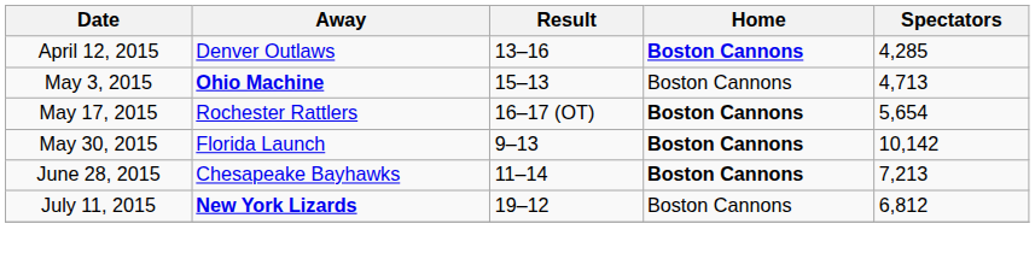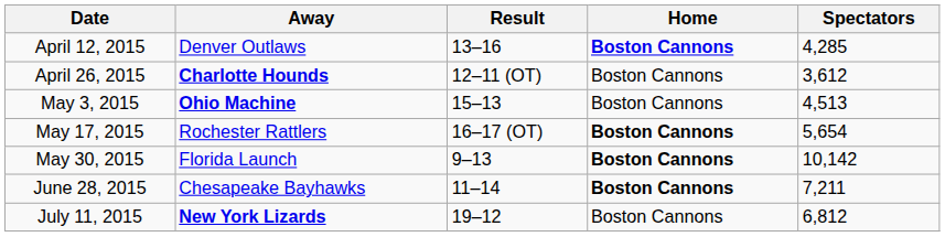 <table class="wikitable" style="text-align:left; width:95%;" style="text-align:center">
 <tr>
 <th style="text-align:center; ">Date</th>
 <th style="text-align:center; ">Away</th>
 <th style="text-align:center; ">Result</th>
 <th style="text-align:center; ">Home</th>
 <th style="text-align:center; ">Spectators</th>
 </tr>
 <tr>
 <td style="text-align:center;">April 12, 2015</td>
 <td> <a href='#'>Denver Outlaws</a></td>
 <td>13–16</td>
 <td> <strong><a href='#'>Boston Cannons</a></strong></td>
 <td>4,285</td>
 </tr>
 <tr>
+<td style="text-align:center;">April 26, 2015</td>
+<td> <strong><a href='#'>Charlotte Hounds</a></strong></td>
+<td>12–11 (OT)</td>
+<td> Boston Cannons</td>
+<td>3,612</td>
+</tr>
+<tr>
 <td style="text-align:center;">May 3, 2015</td>
 <td> <strong><a href='#'>Ohio Machine</a></strong></td>
 <td>15–13</td>
 <td> Boston Cannons</td>
-<td>4,713</td>
+<td>4,513</td>
 </tr>
 <tr>
 <td style="text-align:center;">May 17, 2015</td>
 <td> <a href='#'>Rochester Rattlers</a></td>
 <td>16–17 (OT)</td>
 <td> <strong>Boston Cannons</strong></td>
 <td>5,654</td>
 </tr>
 <tr>
 <td style="text-align:center;">May 30, 2015</td>
 <td> <a href='#'>Florida Launch</a></td>
 <td>9–13</td>
 <td> <strong>Boston Cannons</strong></td>
 <td>10,142</td>
 </tr>
 <tr>
 <td style="text-align:center;">June 28, 2015</td>
 <td> <a href='#'>Chesapeake Bayhawks</a></td>
 <td>11–14</td>
 <td> <strong>Boston Cannons</strong></td>
-<td>7,213</td>
+<td>7,211</td>
 </tr>
 <tr>
 <td style="text-align:center;">July 11, 2015</td>
 <td> <strong><a href='#'>New York Lizards</a></strong></td>
 <td>19–12</td>
 <td> Boston Cannons</td>
 <td>6,812</td>
 </tr>
 <tr>
 </tr>
 </table>
